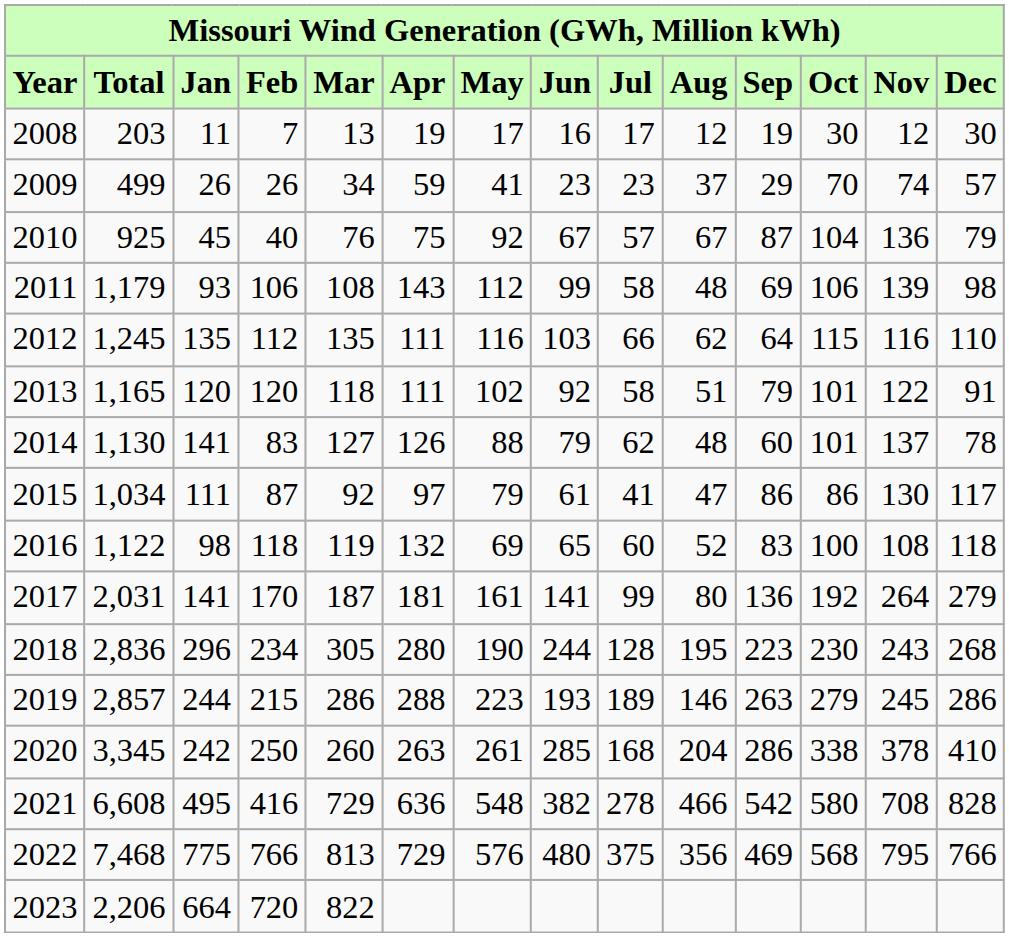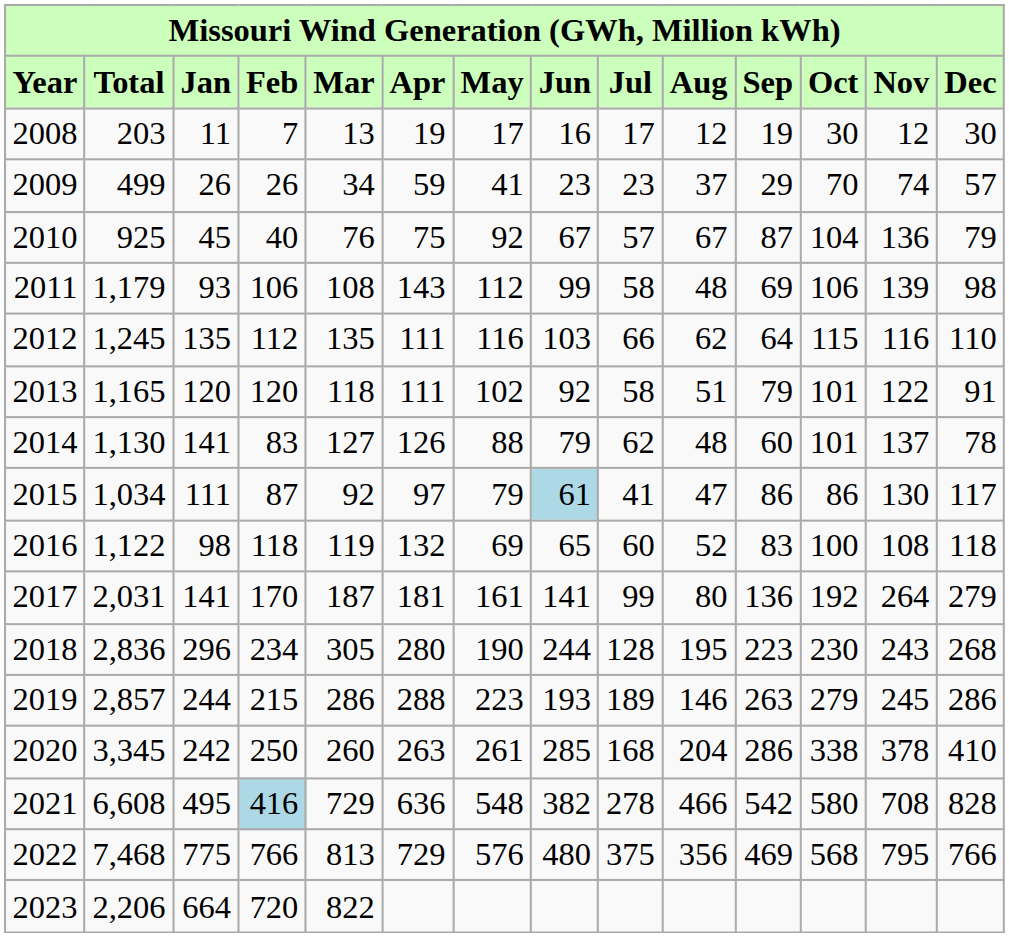 <table class="wikitable" style="text-align:right;">
 <tr>
 <th colspan="14" style="background:#cfb;">Missouri Wind Generation (GWh, Million kWh)</th>
 </tr>
 <tr>
 <th style="background:#cfb;">Year</th>
 <th style="background:#cfb;">Total</th>
 <th style="background:#cfb;">Jan</th>
 <th style="background:#cfb;">Feb</th>
 <th style="background:#cfb;">Mar</th>
 <th style="background:#cfb;">Apr</th>
 <th style="background:#cfb;">May</th>
 <th style="background:#cfb;">Jun</th>
 <th style="background:#cfb;">Jul</th>
 <th style="background:#cfb;">Aug</th>
 <th style="background:#cfb;">Sep</th>
 <th style="background:#cfb;">Oct</th>
 <th style="background:#cfb;">Nov</th>
 <th style="background:#cfb;">Dec</th>
 </tr>
 <tr align=right>
 <td>2008</td>
 <td>203</td>
 <td>11</td>
 <td>7</td>
 <td>13</td>
 <td>19</td>
 <td>17</td>
 <td>16</td>
 <td>17</td>
 <td>12</td>
 <td>19</td>
 <td>30</td>
 <td>12</td>
 <td>30</td>
 </tr>
 <tr align=right>
 <td>2009</td>
 <td>499</td>
 <td>26</td>
 <td>26</td>
 <td>34</td>
 <td>59</td>
 <td>41</td>
 <td>23</td>
 <td>23</td>
 <td>37</td>
 <td>29</td>
 <td>70</td>
 <td>74</td>
 <td>57</td>
 </tr>
 <tr align=right>
 <td>2010</td>
 <td>925</td>
 <td>45</td>
 <td>40</td>
 <td>76</td>
 <td>75</td>
 <td>92</td>
 <td>67</td>
 <td>57</td>
 <td>67</td>
 <td>87</td>
 <td>104</td>
 <td>136</td>
 <td>79</td>
 </tr>
 <tr align=right>
 <td>2011</td>
 <td>1,179</td>
 <td>93</td>
 <td>106</td>
 <td>108</td>
 <td>143</td>
 <td>112</td>
 <td>99</td>
 <td>58</td>
 <td>48</td>
 <td>69</td>
 <td>106</td>
 <td>139</td>
 <td>98</td>
 </tr>
 <tr align=right>
 <td>2012</td>
 <td>1,245</td>
 <td>135</td>
 <td>112</td>
 <td>135</td>
 <td>111</td>
 <td>116</td>
 <td>103</td>
 <td>66</td>
 <td>62</td>
 <td>64</td>
 <td>115</td>
 <td>116</td>
 <td>110</td>
 </tr>
 <tr align=right>
 <td>2013</td>
 <td>1,165</td>
 <td>120</td>
 <td>120</td>
 <td>118</td>
 <td>111</td>
 <td>102</td>
 <td>92</td>
 <td>58</td>
 <td>51</td>
 <td>79</td>
 <td>101</td>
 <td>122</td>
 <td>91</td>
 </tr>
 <tr align=right>
 <td>2014</td>
 <td>1,130</td>
 <td>141</td>
 <td>83</td>
 <td>127</td>
 <td>126</td>
 <td>88</td>
 <td>79</td>
 <td>62</td>
 <td>48</td>
 <td>60</td>
 <td>101</td>
 <td>137</td>
 <td>78</td>
 </tr>
 <tr align=right>
 <td>2015</td>
 <td>1,034</td>
 <td>111</td>
 <td>87</td>
 <td>92</td>
 <td>97</td>
 <td>79</td>
-<td>61</td>
+<td style="background: lightblue;">61</td>
 <td>41</td>
 <td>47</td>
 <td>86</td>
 <td>86</td>
 <td>130</td>
 <td>117</td>
 </tr>
 <tr align=right>
 <td>2016</td>
 <td>1,122</td>
 <td>98</td>
 <td>118</td>
 <td>119</td>
 <td>132</td>
 <td>69</td>
 <td>65</td>
 <td>60</td>
 <td>52</td>
 <td>83</td>
 <td>100</td>
 <td>108</td>
 <td>118</td>
 </tr>
 <tr align=right>
 <td>2017</td>
 <td>2,031</td>
 <td>141</td>
 <td>170</td>
 <td>187</td>
 <td>181</td>
 <td>161</td>
 <td>141</td>
 <td>99</td>
 <td>80</td>
 <td>136</td>
 <td>192</td>
 <td>264</td>
 <td>279</td>
 </tr>
 <tr align=right>
 <td>2018</td>
 <td>2,836</td>
 <td>296</td>
 <td>234</td>
 <td>305</td>
 <td>280</td>
 <td>190</td>
 <td>244</td>
 <td>128</td>
 <td>195</td>
 <td>223</td>
 <td>230</td>
 <td>243</td>
 <td>268</td>
 </tr>
 <tr align=right>
 <td>2019</td>
 <td>2,857</td>
 <td>244</td>
 <td>215</td>
 <td>286</td>
 <td>288</td>
 <td>223</td>
 <td>193</td>
 <td>189</td>
 <td>146</td>
 <td>263</td>
 <td>279</td>
 <td>245</td>
 <td>286</td>
 </tr>
 <tr align=right>
 <td>2020</td>
 <td>3,345</td>
 <td>242</td>
 <td>250</td>
 <td>260</td>
 <td>263</td>
 <td>261</td>
 <td>285</td>
 <td>168</td>
 <td>204</td>
 <td>286</td>
 <td>338</td>
 <td>378</td>
 <td>410</td>
 </tr>
 <tr align=right>
 <td>2021</td>
 <td>6,608</td>
 <td>495</td>
-<td>416</td>
+<td style="background: lightblue;">416</td>
 <td>729</td>
 <td>636</td>
 <td>548</td>
 <td>382</td>
 <td>278</td>
 <td>466</td>
 <td>542</td>
 <td>580</td>
 <td>708</td>
 <td>828</td>
 </tr>
 <tr align=right>
 <td>2022</td>
 <td>7,468</td>
 <td>775</td>
 <td>766</td>
 <td>813</td>
 <td>729</td>
 <td>576</td>
 <td>480</td>
 <td>375</td>
 <td>356</td>
 <td>469</td>
 <td>568</td>
 <td>795</td>
 <td>766</td>
 </tr>
 <tr align=right>
 <td>2023</td>
 <td>2,206</td>
 <td>664</td>
 <td>720</td>
 <td>822</td>
 <td></td>
 <td></td>
 <td></td>
 <td></td>
 <td></td>
 <td></td>
 <td></td>
 <td></td>
 <td></td>
 </tr>
 <tr align=right>
 </tr>
 </table>
